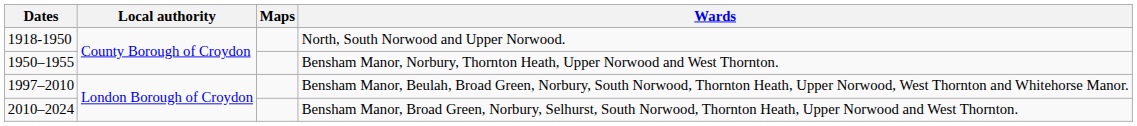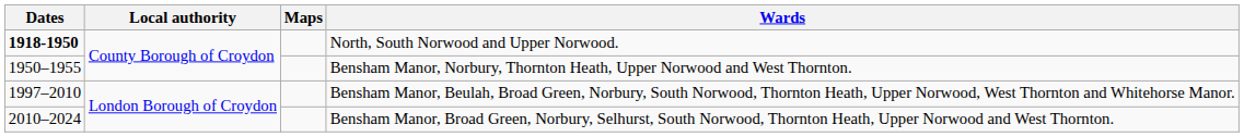 <table class=wikitable>
 <tr>
 <th>Dates</th>
 <th>Local authority</th>
 <th>Maps</th>
 <th><a href='#'>Wards</a></th>
 </tr>
 <tr>
-<td>1918-1950</td>
+<td><strong>1918-1950</strong></td>
 <td rowspan="2"><a href='#'>County Borough of Croydon</a></td>
 <td></td>
 <td>North, South Norwood and Upper Norwood.</td>
 </tr>
 <tr>
 <td>1950–1955</td>
 <td></td>
 <td>Bensham Manor, Norbury, Thornton Heath, Upper Norwood and West Thornton.</td>
 </tr>
 <tr>
 <td>1997–2010</td>
 <td rowspan="2"><a href='#'>London Borough of Croydon</a></td>
 <td></td>
 <td>Bensham Manor, Beulah, Broad Green, Norbury, South Norwood, Thornton Heath, Upper Norwood, West Thornton and Whitehorse Manor.</td>
 </tr>
 <tr>
 <td>2010–2024</td>
 <td></td>
 <td>Bensham Manor, Broad Green, Norbury, Selhurst, South Norwood, Thornton Heath, Upper Norwood and West Thornton.</td>
 </tr>
 </table>
